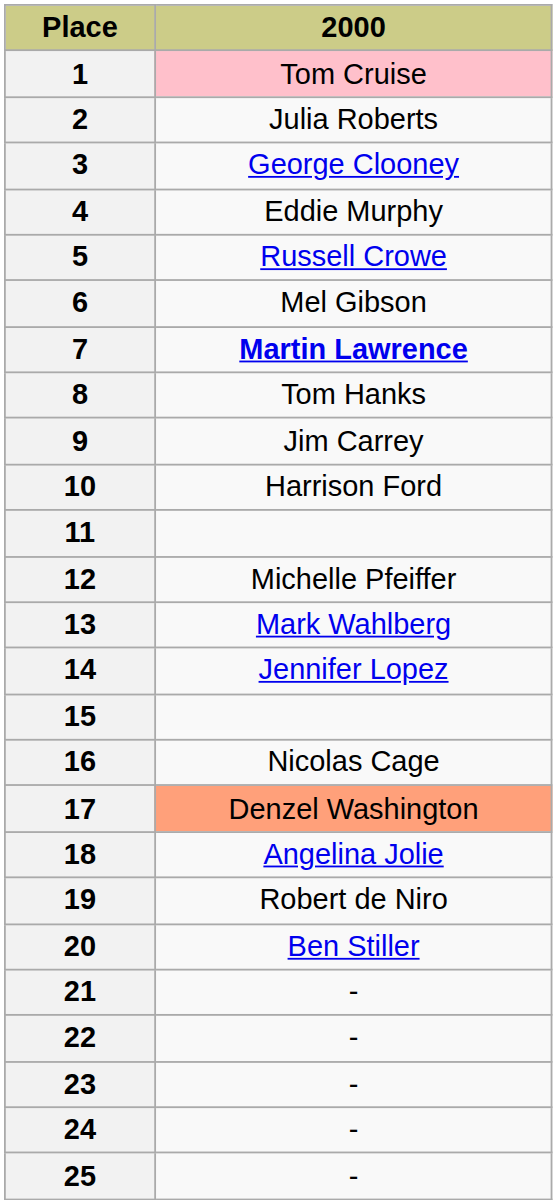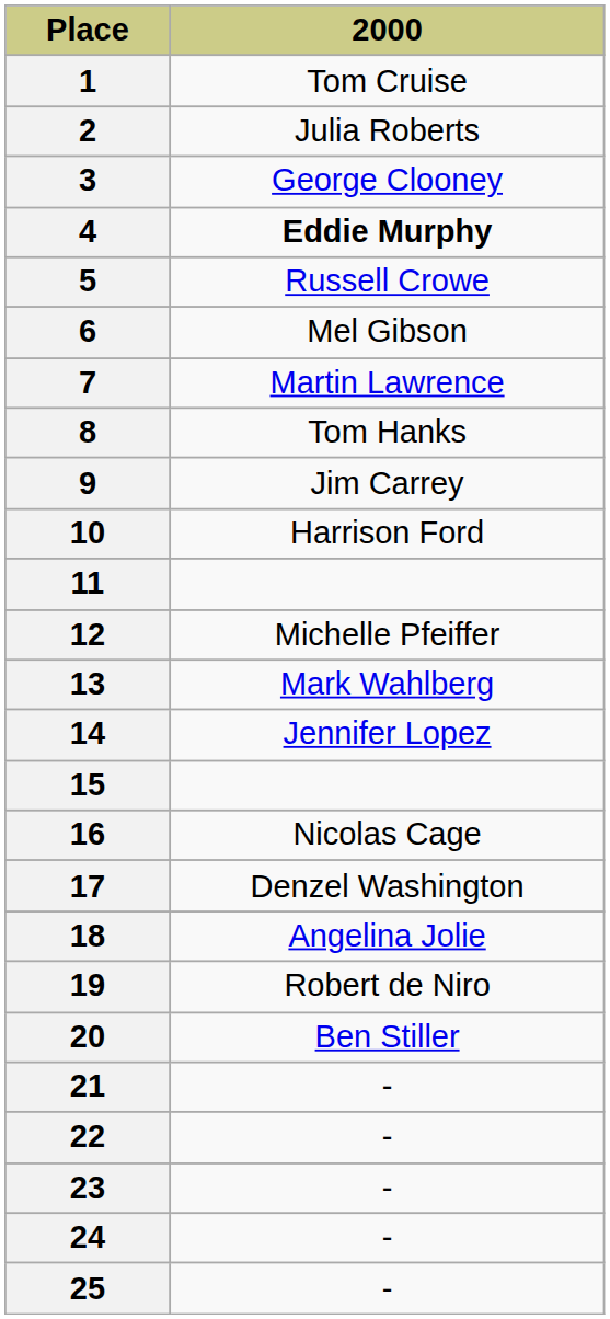 <table class="wikitable" width="24%" style="text-align:center">
 <tr>
 <th scope="col" style="background:#CC8" width="5%">Place</th>
 <th scope="col" style="background:#CC8" width="19%">2000</th>
 </tr>
 <tr>
 <th scope="row">1</th>
-<td style="background: pink;">Tom Cruise</td>
+<td>Tom Cruise</td>
 </tr>
 <tr>
 <th scope="row">2</th>
 <td>Julia Roberts</td>
 </tr>
 <tr>
 <th scope="row">3</th>
 <td><a href='#'>George Clooney</a></td>
 </tr>
 <tr>
 <th scope="row">4</th>
-<td>Eddie Murphy</td>
+<td><strong>Eddie Murphy</strong></td>
 </tr>
 <tr>
 <th scope="row">5</th>
 <td><a href='#'>Russell Crowe</a></td>
 </tr>
 <tr>
 <th scope="row">6</th>
 <td>Mel Gibson</td>
 </tr>
 <tr>
 <th scope="row">7</th>
-<td><strong><a href='#'>Martin Lawrence</a></strong></td>
+<td><a href='#'>Martin Lawrence</a></td>
 </tr>
 <tr>
 <th scope="row">8</th>
 <td>Tom Hanks</td>
 </tr>
 <tr>
 <th scope="row">9</th>
 <td>Jim Carrey</td>
 </tr>
 <tr>
 <th scope="row">10</th>
 <td>Harrison Ford</td>
 </tr>
 <tr>
 <th scope="row">11</th>
 <td></td>
 </tr>
 <tr>
 <th scope="row">12</th>
 <td>Michelle Pfeiffer</td>
 </tr>
 <tr>
 <th scope="row">13</th>
 <td><a href='#'>Mark Wahlberg</a></td>
 </tr>
 <tr>
 <th scope="row">14</th>
 <td><a href='#'>Jennifer Lopez</a></td>
 </tr>
 <tr>
 <th scope="row">15</th>
 <td></td>
 </tr>
 <tr>
 <th scope="row">16</th>
 <td>Nicolas Cage</td>
 </tr>
 <tr>
 <th scope="row">17</th>
-<td style="background: lightsalmon;">Denzel Washington</td>
+<td>Denzel Washington</td>
 </tr>
 <tr>
 <th scope="row">18</th>
 <td><a href='#'>Angelina Jolie</a></td>
 </tr>
 <tr>
 <th scope="row">19</th>
 <td>Robert de Niro</td>
 </tr>
 <tr>
 <th scope="row">20</th>
 <td><a href='#'>Ben Stiller</a></td>
 </tr>
 <tr>
 <th scope="row">21</th>
 <td>-</td>
 </tr>
 <tr>
 <th scope="row">22</th>
 <td>-</td>
 </tr>
 <tr>
 <th scope="row">23</th>
 <td>-</td>
 </tr>
 <tr>
 <th scope="row">24</th>
 <td>-</td>
 </tr>
 <tr>
 <th scope="row">25</th>
 <td>-</td>
 </tr>
 </table>
